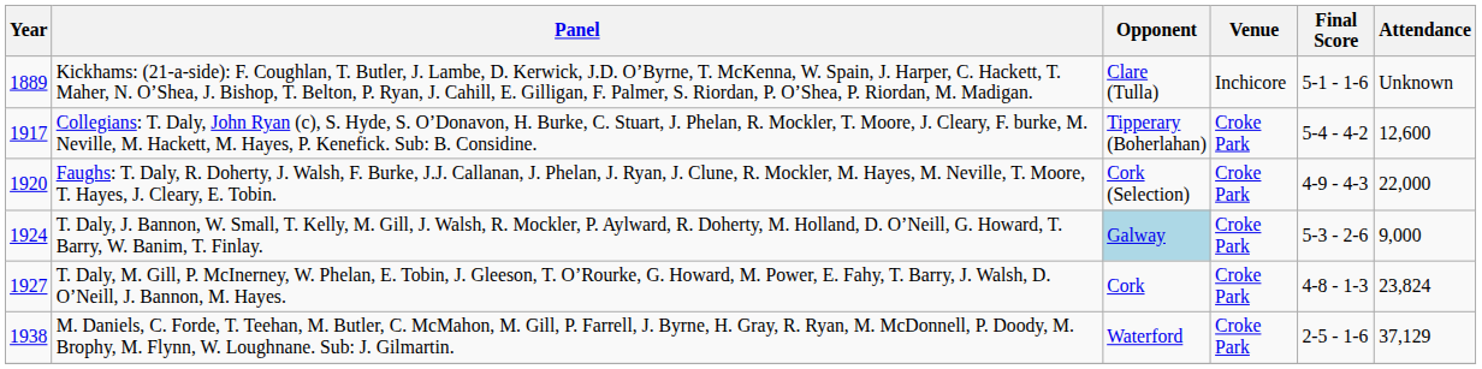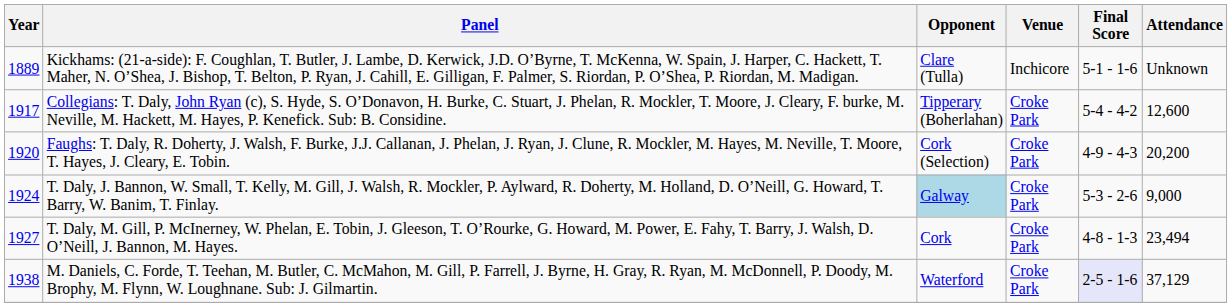 <table class="wikitable">
 <tr>
 <th>Year</th>
 <th><a href='#'>Panel</a></th>
 <th>Opponent</th>
 <th>Venue</th>
 <th>Final Score</th>
 <th>Attendance</th>
 </tr>
 <tr>
 <td><a href='#'>1889</a></td>
 <td>Kickhams: (21-a-side): F. Coughlan, T. Butler, J. Lambe, D. Kerwick, J.D. O’Byrne, T. McKenna, W. Spain, J. Harper, C. Hackett, T. Maher, N. O’Shea, J. Bishop, T. Belton, P. Ryan, J. Cahill, E. Gilligan, F. Palmer, S. Riordan, P. O’Shea, P. Riordan, M. Madigan.</td>
 <td><a href='#'>Clare</a><br>(Tulla)</td>
 <td>Inchicore</td>
 <td>5-1 - 1-6</td>
 <td>Unknown</td>
 </tr>
 <tr>
 <td><a href='#'>1917</a></td>
 <td><a href='#'>Collegians</a>: T. Daly, <a href='#'>John Ryan</a> (c), S. Hyde, S. O’Donavon, H. Burke, C. Stuart, J. Phelan, R. Mockler, T. Moore, J. Cleary, F. burke, M. Neville, M. Hackett, M. Hayes, P. Kenefick. Sub: B. Considine.</td>
 <td><a href='#'>Tipperary</a><br>(Boherlahan)</td>
 <td><a href='#'>Croke Park</a></td>
 <td>5-4 - 4-2</td>
 <td>12,600</td>
 </tr>
 <tr>
 <td><a href='#'>1920</a></td>
 <td><a href='#'>Faughs</a>: T. Daly, R. Doherty, J. Walsh, F. Burke, J.J. Callanan, J. Phelan, J. Ryan, J. Clune, R. Mockler, M. Hayes, M. Neville, T. Moore, T. Hayes, J. Cleary, E. Tobin.</td>
 <td><a href='#'>Cork</a><br>(Selection)</td>
 <td><a href='#'>Croke Park</a></td>
 <td>4-9 - 4-3</td>
-<td>22,000</td>
+<td>20,200</td>
 </tr>
 <tr>
 <td><a href='#'>1924</a></td>
 <td>T. Daly, J. Bannon, W. Small, T. Kelly, M. Gill, J. Walsh, R. Mockler, P. Aylward, R. Doherty, M. Holland, D. O’Neill, G. Howard, T. Barry, W. Banim, T. Finlay.</td>
 <td style="background: lightblue;"><a href='#'>Galway</a></td>
 <td><a href='#'>Croke Park</a></td>
 <td>5-3 - 2-6</td>
 <td>9,000</td>
 </tr>
 <tr>
 <td><a href='#'>1927</a></td>
 <td>T. Daly, M. Gill, P. McInerney, W. Phelan, E. Tobin, J. Gleeson, T. O’Rourke, G. Howard, M. Power, E. Fahy, T. Barry, J. Walsh, D. O’Neill, J. Bannon, M. Hayes.</td>
 <td><a href='#'>Cork</a></td>
 <td><a href='#'>Croke Park</a></td>
 <td>4-8 - 1-3</td>
-<td>23,824</td>
+<td>23,494</td>
 </tr>
 <tr>
 <td><a href='#'>1938</a></td>
 <td>M. Daniels, C. Forde, T. Teehan, M. Butler, C. McMahon, M. Gill, P. Farrell, J. Byrne, H. Gray, R. Ryan, M. McDonnell, P. Doody, M. Brophy, M. Flynn, W. Loughnane. Sub: J. Gilmartin.</td>
 <td><a href='#'>Waterford</a></td>
 <td><a href='#'>Croke Park</a></td>
-<td>2-5 - 1-6</td>
+<td style="background: lavender;">2-5 - 1-6</td>
 <td>37,129</td>
 </tr>
 <tr>
 </tr>
 </table>
